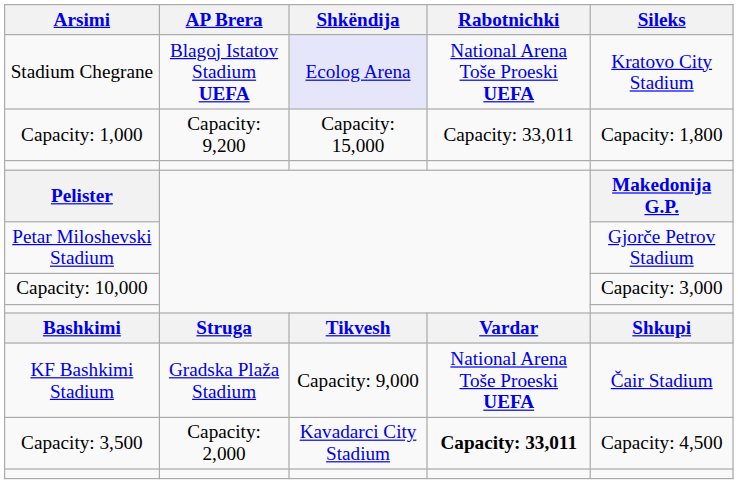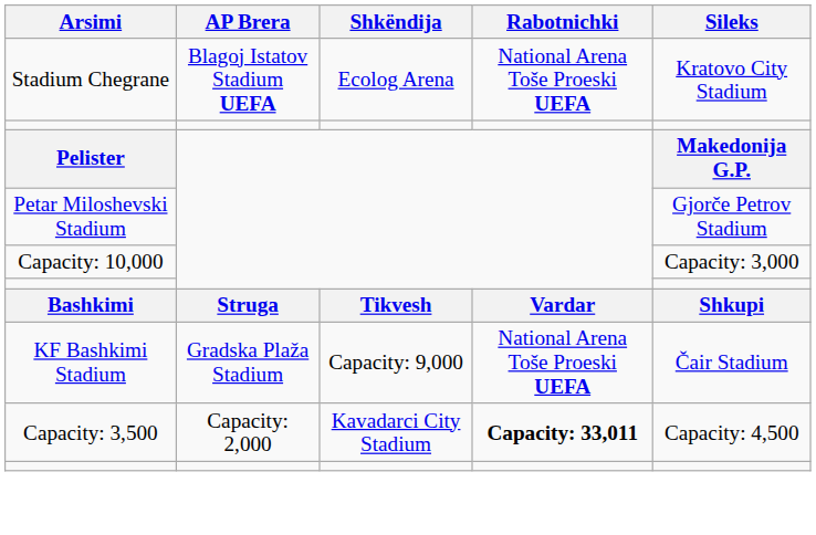 <table class="wikitable" style="text-align:center">
 <tr>
 <th><a href='#'>Arsimi</a></th>
 <th><a href='#'>AP Brera</a></th>
 <th><a href='#'>Shkëndija</a></th>
 <th><a href='#'>Rabotnichki</a></th>
 <th><a href='#'>Sileks</a></th>
 </tr>
 <tr>
 <td>Stadium Chegrane</td>
 <td><a href='#'>Blagoj Istatov Stadium</a><br><strong><a href='#'>UEFA</a></strong> </td>
-<td style="background: lavender;"><a href='#'>Ecolog Arena</a></td>
+<td><a href='#'>Ecolog Arena</a></td>
 <td><a href='#'>National Arena Toše Proeski</a> <br><strong><a href='#'>UEFA</a></strong> </td>
 <td><a href='#'>Kratovo City Stadium</a></td>
-</tr>
-<tr>
-<td>Capacity: 1,000</td>
-<td>Capacity: 9,200</td>
-<td>Capacity: 15,000</td>
-<td>Capacity: 33,011</td>
-<td>Capacity: 1,800</td>
 </tr>
 <tr>
 <td></td>
 <td></td>
 <td></td>
 <td></td>
 <td></td>
 </tr>
 <tr>
 <th><a href='#'>Pelister</a></th>
 <td colspan="3" rowspan="4"><br> </td>
 <th><a href='#'>Makedonija G.P.</a></th>
 </tr>
 <tr>
 <td><a href='#'>Petar Miloshevski Stadium</a></td>
 <td><a href='#'>Gjorče Petrov Stadium</a></td>
 </tr>
 <tr>
 <td>Capacity: 10,000</td>
 <td>Capacity: 3,000</td>
 </tr>
 <tr>
 <td></td>
 <td></td>
 </tr>
 <tr>
 <th><a href='#'>Bashkimi</a></th>
 <th><a href='#'>Struga</a></th>
 <th><a href='#'>Tikvesh</a></th>
 <th><a href='#'>Vardar</a></th>
 <th><a href='#'>Shkupi</a></th>
 </tr>
 <tr>
 <td><a href='#'>KF Bashkimi Stadium</a></td>
 <td><a href='#'>Gradska Plaža Stadium</a></td>
 <td>Capacity: 9,000</td>
 <td><a href='#'>National Arena Toše Proeski</a> <br><strong><a href='#'>UEFA</a></strong> </td>
 <td><a href='#'>Čair Stadium</a></td>
 </tr>
 <tr>
 <td>Capacity: 3,500</td>
 <td>Capacity: 2,000</td>
 <td><a href='#'>Kavadarci City Stadium</a></td>
 <td><strong>Capacity: 33,011</strong></td>
 <td>Capacity: 4,500</td>
 </tr>
 <tr>
 <td></td>
 <td></td>
 <td></td>
 <td></td>
 <td></td>
 </tr>
 </table>
